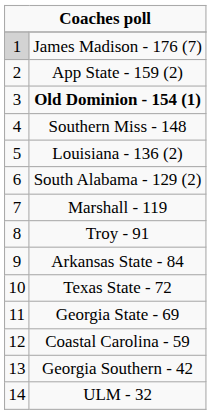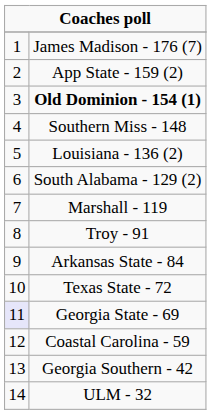 <table class="wikitable" style="display: inline-table;">
 <tr>
 <td align="center" Colspan="3"><strong>Coaches poll</strong></td>
 </tr>
 <tr align="center">
 </tr>
 <tr align="center">
-<td style="background: lightgrey;">1</td>
+<td>1</td>
 <td>James Madison - 176 (7)</td>
 </tr>
 <tr align="center">
 <td>2</td>
 <td>App State - 159 (2)</td>
 </tr>
 <tr align="center">
 <td>3</td>
 <td><strong>Old Dominion - 154 (1)</strong></td>
 </tr>
 <tr align="center">
 <td>4</td>
 <td>Southern Miss - 148</td>
 </tr>
 <tr align="center">
 <td>5</td>
 <td>Louisiana - 136 (2)</td>
 </tr>
 <tr align="center">
 <td>6</td>
 <td>South Alabama - 129 (2)</td>
 </tr>
 <tr align="center">
 <td>7</td>
 <td>Marshall - 119</td>
 </tr>
 <tr align="center">
 <td>8</td>
 <td>Troy - 91</td>
 </tr>
 <tr align="center">
 <td>9</td>
 <td>Arkansas State - 84</td>
 </tr>
 <tr align="center">
 <td>10</td>
 <td>Texas State - 72</td>
 </tr>
 <tr align="center">
-<td>11</td>
+<td style="background: lavender;">11</td>
 <td>Georgia State - 69</td>
 </tr>
 <tr align="center">
 <td>12</td>
 <td>Coastal Carolina - 59</td>
 </tr>
 <tr align="center">
 <td>13</td>
 <td>Georgia Southern - 42</td>
 </tr>
 <tr align="center">
 <td>14</td>
 <td>ULM - 32</td>
 </tr>
 </table>
